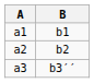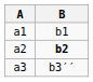 <table class="wikitable" style="float:left" width="100">
 <tr>
 <th>A</th>
 <th>B</th>
 </tr>
 <tr>
 <td align=center>a1</td>
 <td align=center>b1</td>
 </tr>
 <tr>
 <td align=center>a2</td>
-<td align=center>b2</td>
+<td align=center><strong>b2</strong></td>
 </tr>
 <tr>
 <td align=center>a3</td>
 <td align=center>b3′′</td>
 </tr>
 </table>
